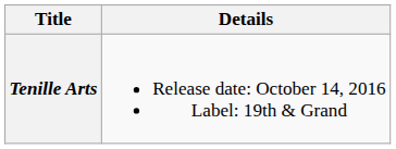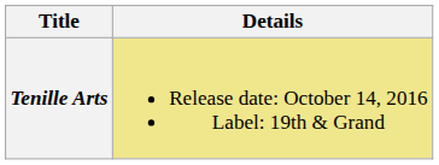 <table class="wikitable plainrowheaders" style="text-align:center;">
 <tr>
 <th scope="col">Title</th>
 <th scope="col">Details</th>
 </tr>
 <tr>
 <th scope="row"><em>Tenille Arts</em></th>
-<td><br><ul><li>Release date: October 14, 2016</li><li>Label: 19th & Grand</li></ul></td>
+<td style="background: khaki;"><br><ul><li>Release date: October 14, 2016</li><li>Label: 19th & Grand</li></ul></td>
 </tr>
 </table>
